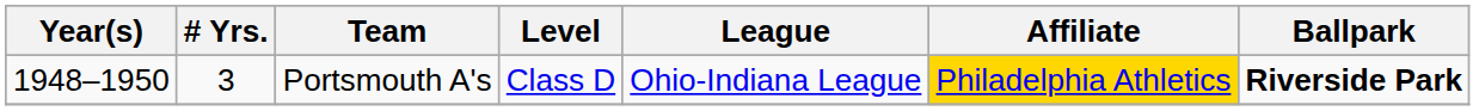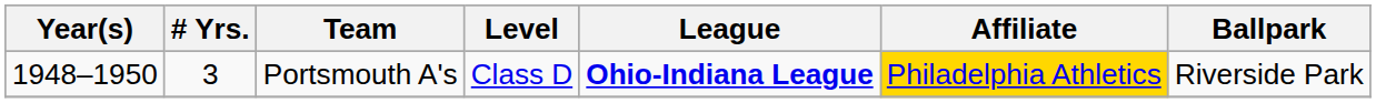 <table class="wikitable" style="text-align:center; font-size: 95%;">
 <tr>
 <th>Year(s)</th>
 <th># Yrs.</th>
 <th>Team</th>
 <th>Level</th>
 <th>League</th>
 <th>Affiliate</th>
 <th>Ballpark</th>
 </tr>
 <tr>
 <td>1948–1950</td>
 <td>3</td>
 <td>Portsmouth A's</td>
 <td><a href='#'>Class D</a></td>
-<td><a href='#'>Ohio-Indiana League</a></td>
+<td><strong><a href='#'>Ohio-Indiana League</a></strong></td>
 <td style="background: gold;"><a href='#'>Philadelphia Athletics</a></td>
-<td><strong>Riverside Park</strong></td>
+<td>Riverside Park</td>
 </tr>
 <tr>
 </tr>
 </table>
